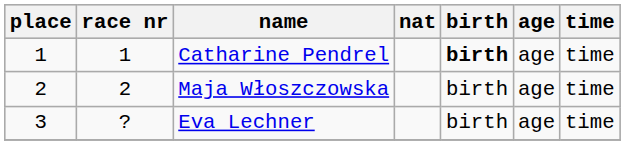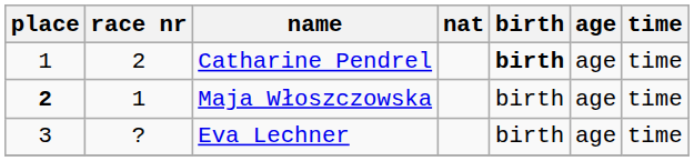 <table class="wikitable" border="1" style="text-align:center">
 <tr>
 <th>place</th>
 <th>race nr</th>
 <th>name</th>
 <th>nat</th>
 <th>birth</th>
 <th>age</th>
 <th>time</th>
 </tr>
 <tr>
 <td>1</td>
-<td>1</td>
+<td>2</td>
 <td align=left><a href='#'>Catharine Pendrel</a></td>
 <td align=left></td>
 <td><strong>birth</strong></td>
 <td>age</td>
 <td>time</td>
 </tr>
 <tr>
-<td>2</td>
-<td>2</td>
+<td><strong>2</strong></td>
+<td>1</td>
 <td align=left><a href='#'>Maja Włoszczowska</a></td>
 <td align=left></td>
 <td>birth</td>
 <td>age</td>
 <td>time</td>
 </tr>
 <tr>
 <td>3</td>
 <td>?</td>
 <td align=left><a href='#'>Eva Lechner</a></td>
 <td align=left></td>
 <td>birth</td>
 <td>age</td>
 <td>time</td>
 </tr>
 <tr>
 </tr>
 </table>
